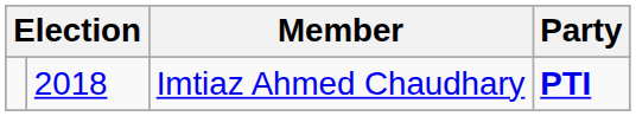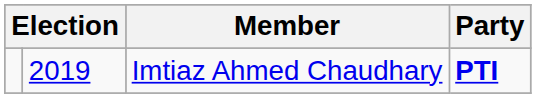 <table class="wikitable">
 <tr>
 <th colspan="2">Election</th>
 <th>Member</th>
 <th>Party</th>
 </tr>
 <tr>
 <td style="background-color: "></td>
-<td><a href='#'>2018</a></td>
+<td><a href='#'>2019</a></td>
 <td><a href='#'>Imtiaz Ahmed Chaudhary</a></td>
 <td><strong><a href='#'>PTI</a></strong></td>
 </tr>
 </table>
